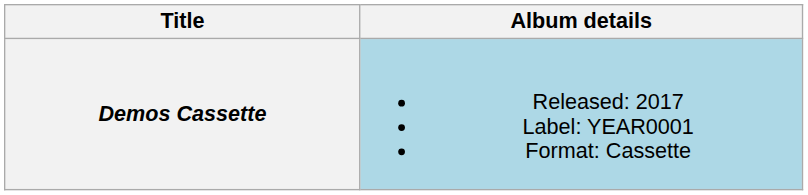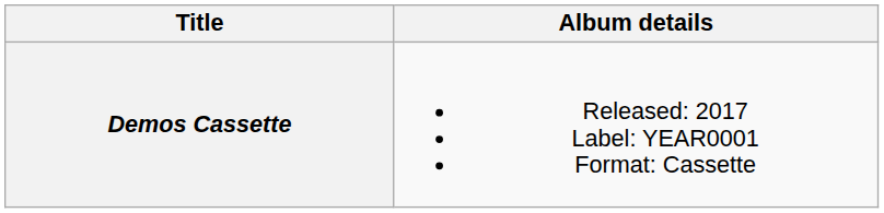 <table class="wikitable plainrowheaders" style="text-align:center;">
 <tr>
 <th scope="col" style="width:16em;">Title</th>
 <th scope="col" style="width:20em;">Album details</th>
 </tr>
 <tr>
 <th scope="row"><em>Demos Cassette</em><br></th>
-<td style="background: lightblue;"><br><ul><li>Released: 2017</li><li>Label: YEAR0001</li><li>Format: Cassette</li></ul></td>
+<td><br><ul><li>Released: 2017</li><li>Label: YEAR0001</li><li>Format: Cassette</li></ul></td>
 </tr>
 </table>
